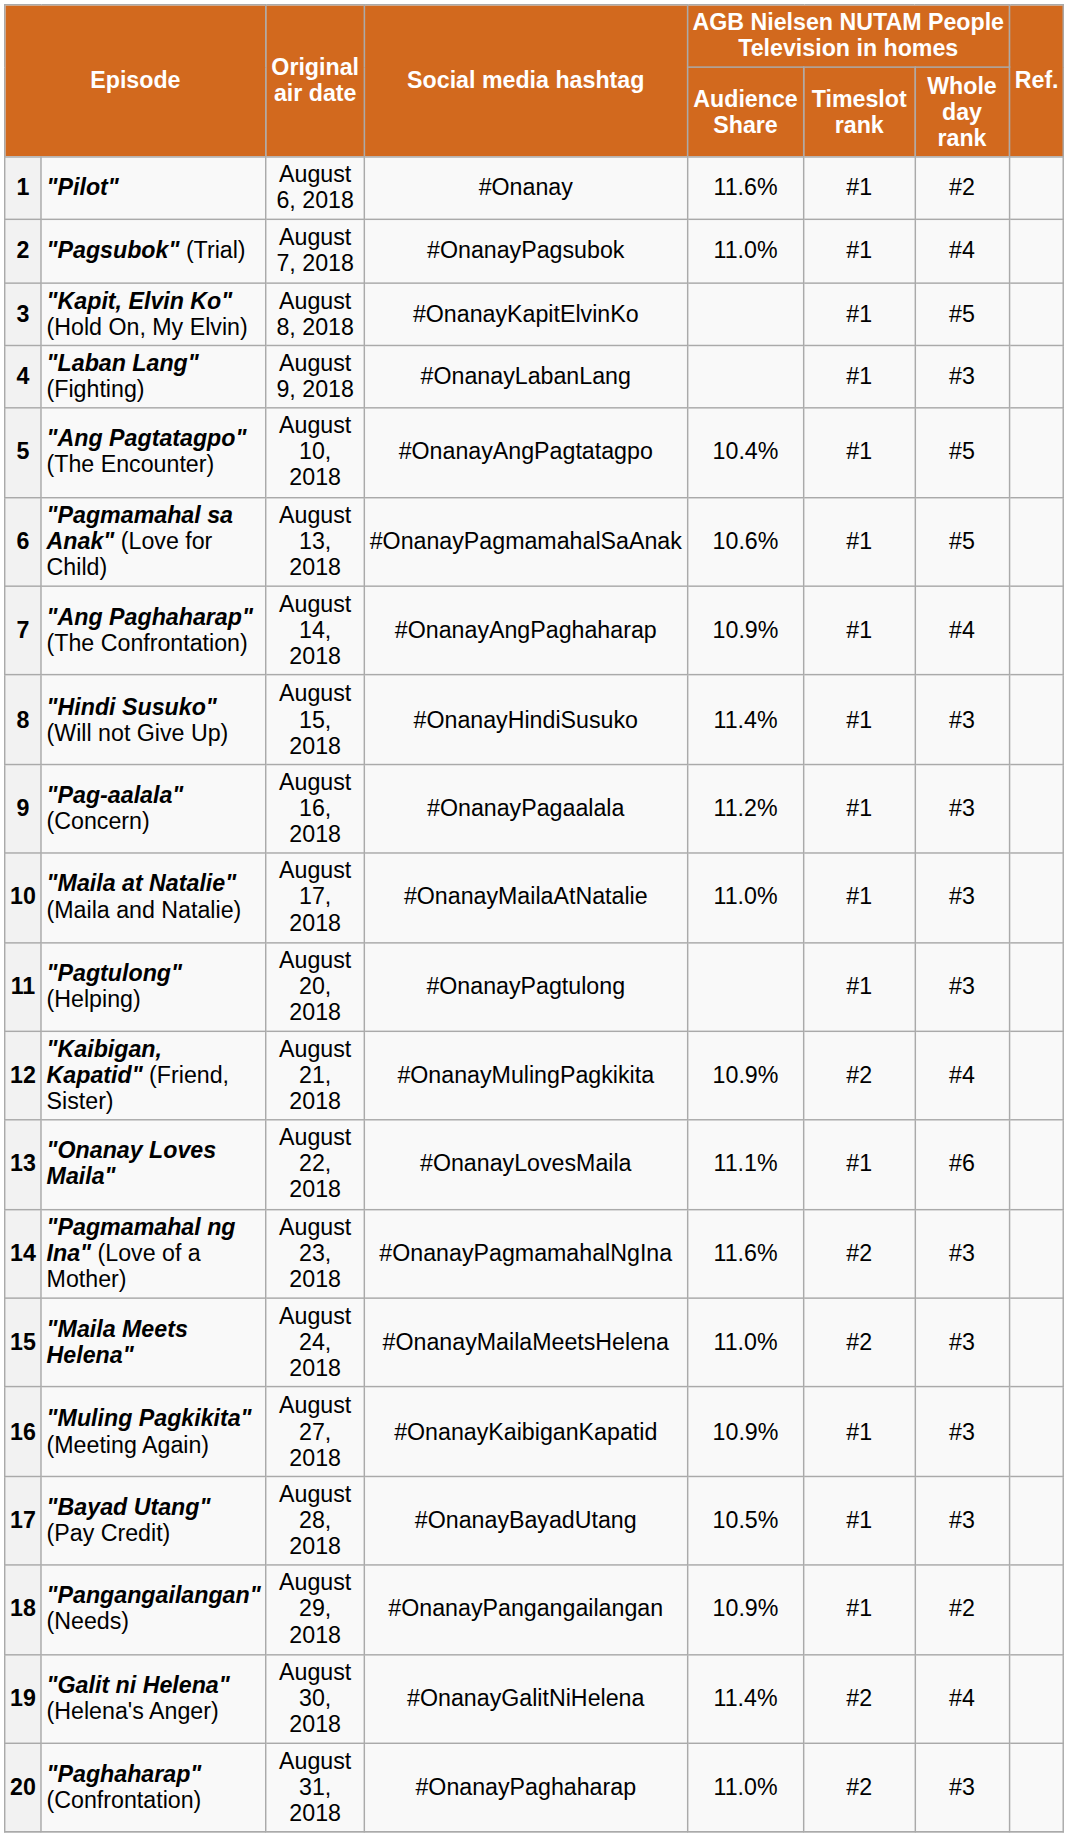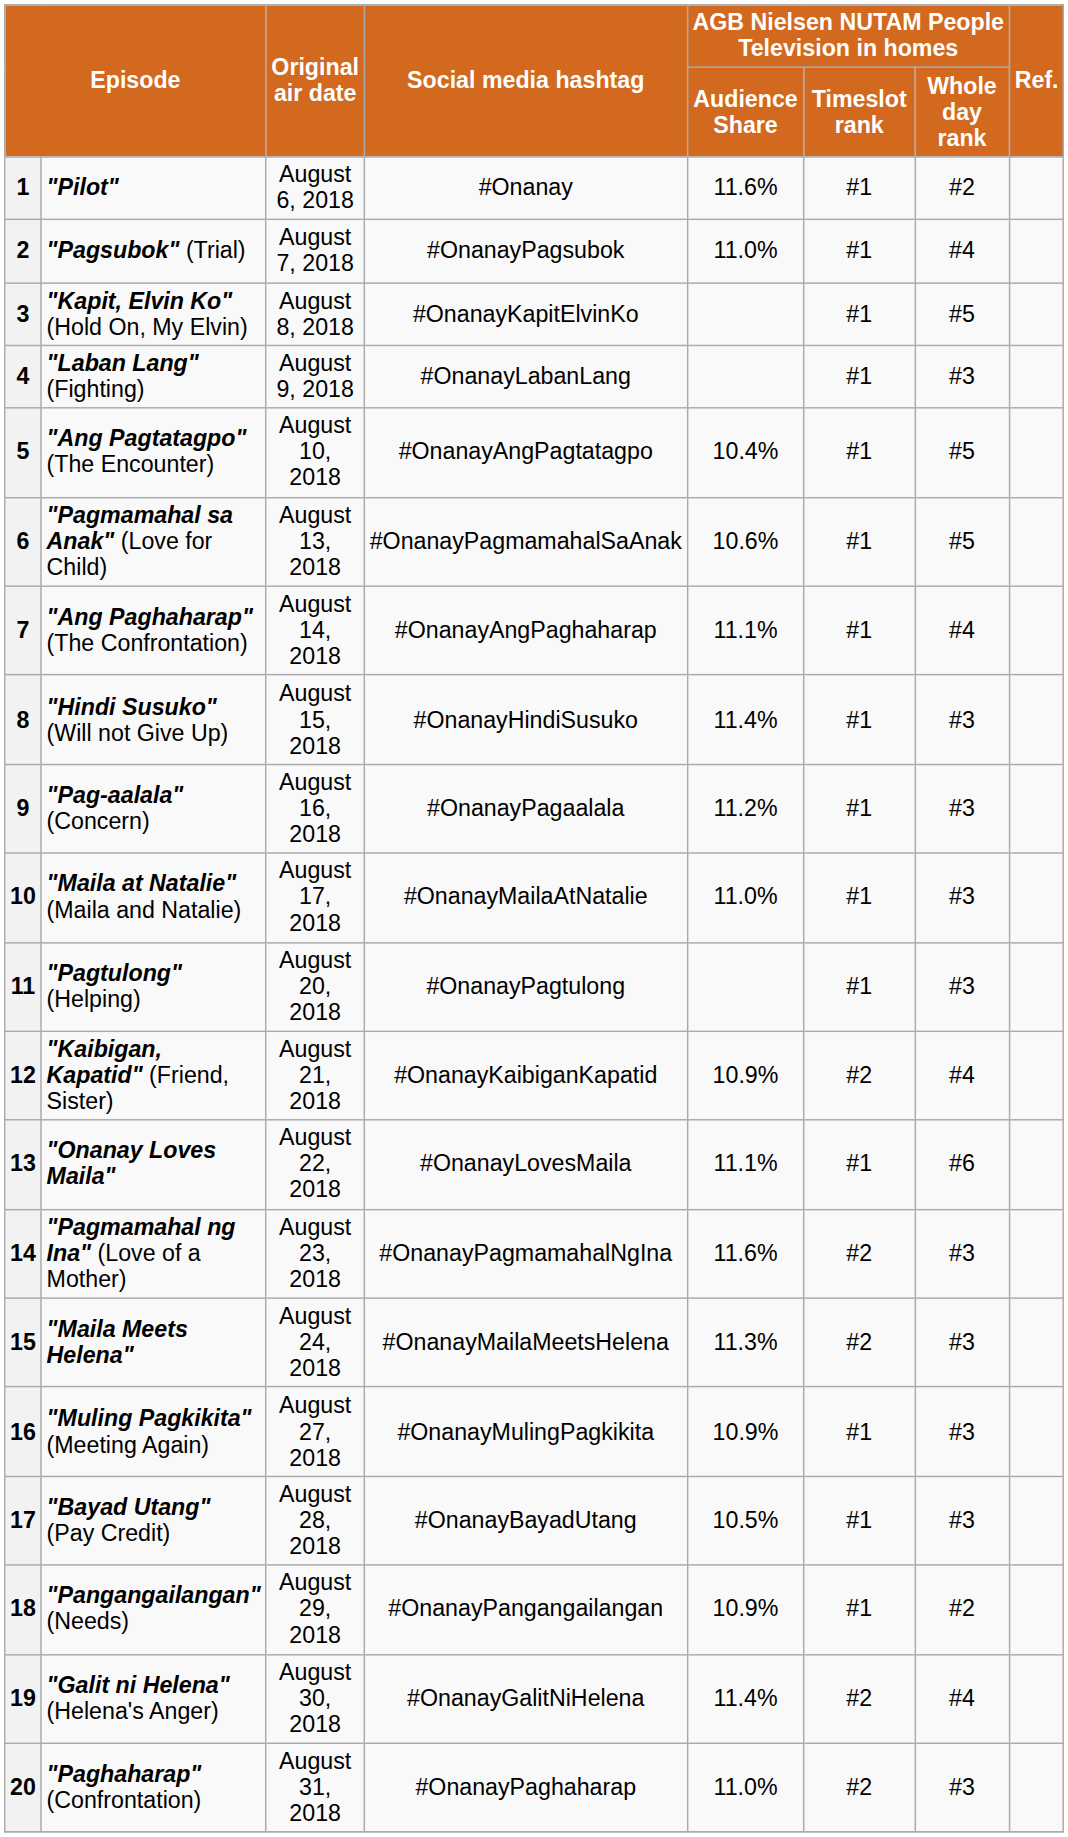 <table class="wikitable" style="text-align:center; font-size:100%; line-height:18px;" width="100%">
 <tr>
 <th style="background-color:#D2691E; color:#ffffff;" colspan="2" rowspan="2">Episode</th>
 <th style="background-color:#D2691E; color:white" rowspan="2">Original air date</th>
 <th style="background-color:#D2691E; color:white" rowspan="2">Social media hashtag</th>
 <th style="background-color:#D2691E; color:#ffffff;" colspan="3">AGB Nielsen NUTAM People Television in homes</th>
 <th style="background-color:#D2691E; color:#ffffff;" rowspan="2">Ref.</th>
 </tr>
 <tr>
 <th style="background-color:#D2691E; width:75px; color:#ffffff;">Audience Share</th>
 <th style="background-color:#D2691E; width:75px; color:#ffffff;">Timeslot<br>rank</th>
 <th style="background-color:#D2691E; width:75px; color:#ffffff;">Whole day<br>rank</th>
 </tr>
 <tr>
 <th>1</th>
 <td style="text-align: left;"><strong><em>"Pilot"</em></strong></td>
 <td>August 6, 2018</td>
 <td>#Onanay</td>
 <td>11.6%</td>
 <td>#1</td>
 <td>#2</td>
 <td></td>
 </tr>
 <tr>
 <th>2</th>
 <td style="text-align: left;"><strong><em>"Pagsubok"</em></strong> (Trial)</td>
 <td>August 7, 2018</td>
 <td>#OnanayPagsubok</td>
 <td>11.0%</td>
 <td>#1</td>
 <td>#4</td>
 <td></td>
 </tr>
 <tr>
 <th>3</th>
 <td style="text-align: left;"><strong><em>"Kapit, Elvin Ko"</em></strong> (Hold On, My Elvin)</td>
 <td>August 8, 2018</td>
 <td>#OnanayKapitElvinKo</td>
 <td></td>
 <td>#1</td>
 <td>#5</td>
 <td></td>
 </tr>
 <tr>
 <th>4</th>
 <td style="text-align: left;"><strong><em>"Laban Lang"</em></strong> (Fighting)</td>
 <td>August 9, 2018</td>
 <td>#OnanayLabanLang</td>
 <td></td>
 <td>#1</td>
 <td>#3</td>
 <td></td>
 </tr>
 <tr>
 <th>5</th>
 <td style="text-align: left;"><strong><em>"Ang Pagtatagpo"</em></strong> (The Encounter)</td>
 <td>August 10, 2018</td>
 <td>#OnanayAngPagtatagpo</td>
 <td>10.4%</td>
 <td>#1</td>
 <td>#5</td>
 <td></td>
 </tr>
 <tr>
 <th>6</th>
 <td style="text-align: left;"><strong><em>"Pagmamahal sa Anak"</em></strong> (Love for Child)</td>
 <td>August 13, 2018</td>
 <td>#OnanayPagmamahalSaAnak</td>
 <td>10.6%</td>
 <td>#1</td>
 <td>#5</td>
 <td></td>
 </tr>
 <tr>
 <th>7</th>
 <td style="text-align: left;"><strong><em>"Ang Paghaharap"</em></strong> (The Confrontation)</td>
 <td>August 14, 2018</td>
 <td>#OnanayAngPaghaharap</td>
-<td>10.9%</td>
+<td>11.1%</td>
 <td>#1</td>
 <td>#4</td>
 <td></td>
 </tr>
 <tr>
 <th>8</th>
 <td style="text-align: left;"><strong><em>"Hindi Susuko"</em></strong> (Will not Give Up)</td>
 <td>August 15, 2018</td>
 <td>#OnanayHindiSusuko</td>
 <td>11.4%</td>
 <td>#1</td>
 <td>#3</td>
 <td></td>
 </tr>
 <tr>
 <th>9</th>
 <td style="text-align: left;"><strong><em>"Pag-aalala"</em></strong> (Concern)</td>
 <td>August 16, 2018</td>
 <td>#OnanayPagaalala</td>
 <td>11.2%</td>
 <td>#1</td>
 <td>#3</td>
 <td></td>
 </tr>
 <tr>
 <th>10</th>
 <td style="text-align: left;"><strong><em>"Maila at Natalie"</em></strong> (Maila and Natalie)</td>
 <td>August 17, 2018</td>
 <td>#OnanayMailaAtNatalie</td>
 <td>11.0%</td>
 <td>#1</td>
 <td>#3</td>
 <td></td>
 </tr>
 <tr>
 <th>11</th>
 <td style="text-align: left;"><strong><em>"Pagtulong"</em></strong> (Helping)</td>
 <td>August 20, 2018</td>
 <td>#OnanayPagtulong</td>
 <td></td>
 <td>#1</td>
 <td>#3</td>
 <td></td>
 </tr>
 <tr>
 <th>12</th>
 <td style="text-align: left;"><strong><em>"Kaibigan, Kapatid"</em></strong> (Friend, Sister)</td>
 <td>August 21, 2018</td>
-<td>#OnanayMulingPagkikita</td>
+<td>#OnanayKaibiganKapatid</td>
 <td>10.9%</td>
 <td>#2</td>
 <td>#4</td>
 <td></td>
 </tr>
 <tr>
 <th>13</th>
 <td style="text-align: left;"><strong><em>"Onanay Loves Maila"</em></strong></td>
 <td>August 22, 2018</td>
 <td>#OnanayLovesMaila</td>
 <td>11.1%</td>
 <td>#1</td>
 <td>#6</td>
 <td></td>
 </tr>
 <tr>
 <th>14</th>
 <td style="text-align: left;"><strong><em>"Pagmamahal ng Ina"</em></strong> (Love of a Mother)</td>
 <td>August 23, 2018</td>
 <td>#OnanayPagmamahalNgIna</td>
 <td>11.6%</td>
 <td>#2</td>
 <td>#3</td>
 <td></td>
 </tr>
 <tr>
 <th>15</th>
 <td style="text-align: left;"><strong><em>"Maila Meets Helena"</em></strong></td>
 <td>August 24, 2018</td>
 <td>#OnanayMailaMeetsHelena</td>
-<td>11.0%</td>
+<td>11.3%</td>
 <td>#2</td>
 <td>#3</td>
 <td></td>
 </tr>
 <tr>
 <th>16</th>
 <td style="text-align: left;"><strong><em>"Muling Pagkikita"</em></strong> (Meeting Again)</td>
 <td>August 27, 2018</td>
-<td>#OnanayKaibiganKapatid</td>
+<td>#OnanayMulingPagkikita</td>
 <td>10.9%</td>
 <td>#1</td>
 <td>#3</td>
 <td></td>
 </tr>
 <tr>
 <th>17</th>
 <td style="text-align: left;"><strong><em>"Bayad Utang"</em></strong> (Pay Credit)</td>
 <td>August 28, 2018</td>
 <td>#OnanayBayadUtang</td>
 <td>10.5%</td>
 <td>#1</td>
 <td>#3</td>
 <td></td>
 </tr>
 <tr>
 <th>18</th>
 <td style="text-align: left;"><strong><em>"Pangangailangan"</em></strong> (Needs)</td>
 <td>August 29, 2018</td>
 <td>#OnanayPangangailangan</td>
 <td>10.9%</td>
 <td>#1</td>
 <td>#2</td>
 <td></td>
 </tr>
 <tr>
 <th>19</th>
 <td style="text-align: left;"><strong><em>"Galit ni Helena"</em></strong> (Helena's Anger)</td>
 <td>August 30, 2018</td>
 <td>#OnanayGalitNiHelena</td>
 <td>11.4%</td>
 <td>#2</td>
 <td>#4</td>
 <td></td>
 </tr>
 <tr>
 <th>20</th>
 <td style="text-align: left;"><strong><em>"Paghaharap"</em></strong> (Confrontation)</td>
 <td>August 31, 2018</td>
 <td>#OnanayPaghaharap</td>
 <td>11.0%</td>
 <td>#2</td>
 <td>#3</td>
 <td></td>
 </tr>
 <tr>
 </tr>
 </table>
